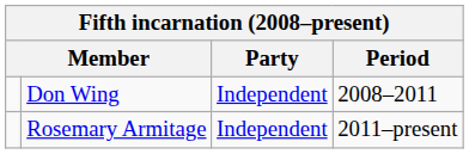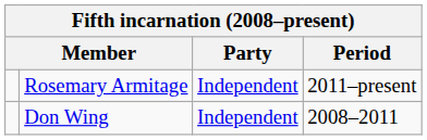 <table class="wikitable">
 <tr>
 <th colspan="4">Fifth incarnation (2008–present)</th>
 </tr>
 <tr>
 <th colspan="2">Member</th>
 <th>Party</th>
 <th>Period</th>
 </tr>
 <tr>
 <td> </td>
+<td><a href='#'>Rosemary Armitage</a></td>
+<td><a href='#'>Independent</a></td>
+<td>2011–present</td>
+</tr>
+<tr>
+<td> </td>
 <td><a href='#'>Don Wing</a></td>
 <td><a href='#'>Independent</a></td>
 <td>2008–2011</td>
 </tr>
-<tr>
-<td> </td>
-<td><a href='#'>Rosemary Armitage</a></td>
-<td><a href='#'>Independent</a></td>
-<td>2011–present</td>
-</tr>
 </table>
